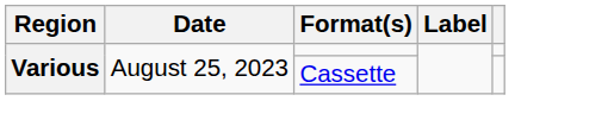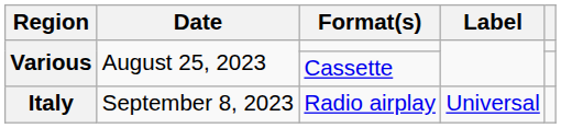 <table class="wikitable plainrowheaders">
 <tr>
 <th scope="col">Region</th>
 <th scope="col">Date</th>
 <th scope="col">Format(s)</th>
 <th scope="col">Label</th>
 <th scope="col"></th>
 </tr>
 <tr>
 <th scope="row" rowspan="2">Various</th>
 <td rowspan="2">August 25, 2023</td>
 <td></td>
 <td rowspan="2"></td>
 <td align="center"></td>
 </tr>
 <tr>
 <td><a href='#'>Cassette</a></td>
 <td align="center"></td>
 </tr>
+<tr>
+<th scope="row">Italy</th>
+<td>September 8, 2023</td>
+<td><a href='#'>Radio airplay</a></td>
+<td><a href='#'>Universal</a></td>
+<td align="center"></td>
+</tr>
 </table>
